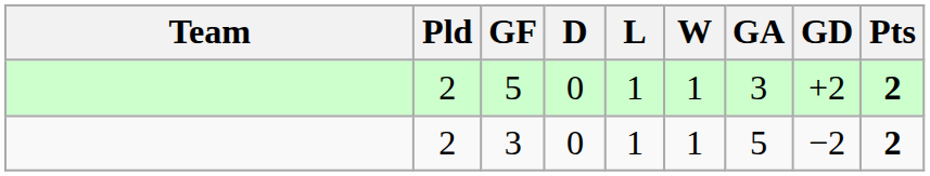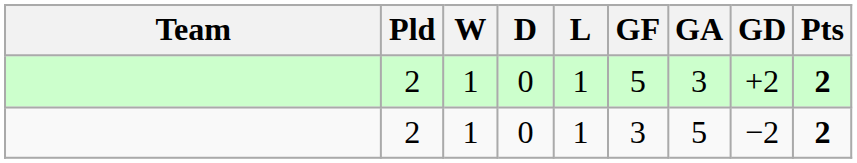 <table class="wikitable" style="text-align:center;">
 <tr>
 <th width=180>Team</th>
 <th width=20>Pld</th>
-<th width=20>GF</th>
+<th width=20>W</th>
 <th width=20>D</th>
 <th width=20>L</th>
-<th width=20>W</th>
+<th width=20>GF</th>
 <th width=20>GA</th>
 <th width=20>GD</th>
 <th width=20>Pts</th>
 </tr>
 <tr bgcolor="ccffcc">
 <td align="left"></td>
 <td>2</td>
-<td>5</td>
+<td>1</td>
 <td>0</td>
 <td>1</td>
-<td>1</td>
+<td>5</td>
 <td>3</td>
 <td>+2</td>
 <td><strong>2</strong></td>
 </tr>
 <tr>
 <td align="left"></td>
 <td>2</td>
-<td>3</td>
+<td>1</td>
 <td>0</td>
 <td>1</td>
-<td>1</td>
+<td>3</td>
 <td>5</td>
 <td>−2</td>
 <td><strong>2</strong></td>
 </tr>
 </table>
